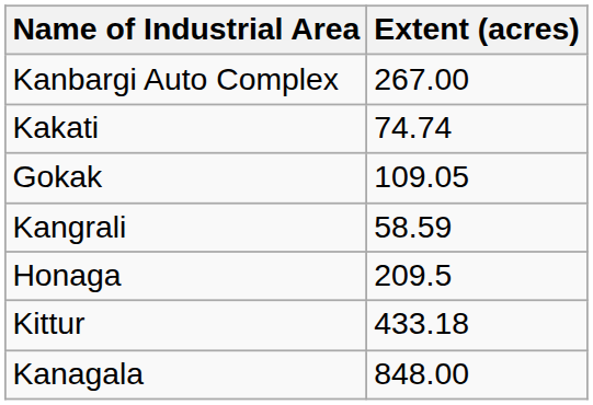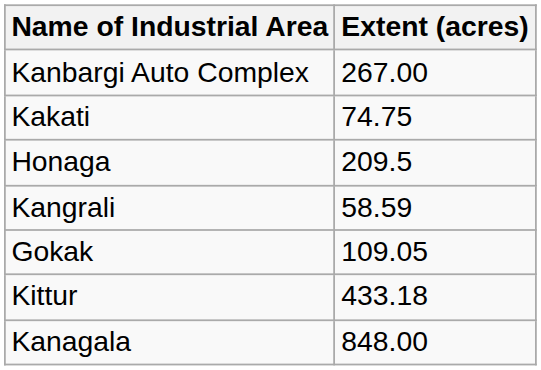 <table class="wikitable"  style="display: inline-table;">
 <tr>
 <th>Name of Industrial Area</th>
 <th>Extent (acres)</th>
 </tr>
 <tr>
 <td>Kanbargi Auto Complex</td>
 <td>267.00</td>
 </tr>
 <tr>
 <td>Kakati</td>
-<td>74.74</td>
+<td>74.75</td>
 </tr>
 <tr>
-<td>Gokak</td>
-<td>109.05</td>
+<td>Honaga</td>
+<td>209.5</td>
 </tr>
 <tr>
 <td>Kangrali</td>
 <td>58.59</td>
 </tr>
 <tr>
-<td>Honaga</td>
-<td>209.5</td>
+<td>Gokak</td>
+<td>109.05</td>
 </tr>
 <tr>
 <td>Kittur</td>
 <td>433.18</td>
 </tr>
 <tr>
 <td>Kanagala</td>
 <td>848.00</td>
 </tr>
 </table>
